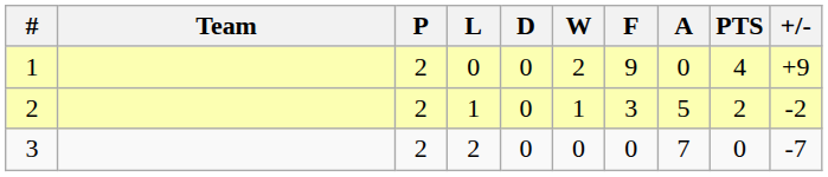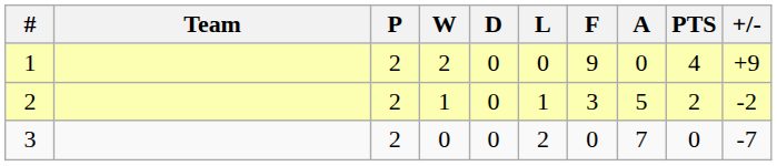 <table class="wikitable" border="1">
 <tr>
 <th width="25">#</th>
 <th width="200">Team</th>
 <th width="25">P</th>
+<th width="25">W</th>
+<th width="25">D</th>
 <th width="25">L</th>
-<th width="25">D</th>
-<th width="25">W</th>
 <th width="25">F</th>
 <th width="25">A</th>
 <th width="25">PTS</th>
 <th width="25">+/-</th>
 </tr>
 <tr bgcolor="FCFFB2">
 <td align="center">1</td>
 <td></td>
 <td align="center">2</td>
+<td align="center">2</td>
 <td align="center">0</td>
 <td align="center">0</td>
-<td align="center">2</td>
 <td align="center">9</td>
 <td align="center">0</td>
 <td align="center">4</td>
 <td align="center">+9</td>
 </tr>
 <tr bgcolor="FCFFB2">
 <td align="center">2</td>
 <td></td>
 <td align="center">2</td>
 <td align="center">1</td>
 <td align="center">0</td>
 <td align="center">1</td>
 <td align="center">3</td>
 <td align="center">5</td>
 <td align="center">2</td>
 <td align="center">-2</td>
 </tr>
 <tr>
 <td align="center">3</td>
 <td></td>
 <td align="center">2</td>
-<td align="center">2</td>
 <td align="center">0</td>
 <td align="center">0</td>
+<td align="center">2</td>
 <td align="center">0</td>
 <td align="center">7</td>
 <td align="center">0</td>
 <td align="center">-7</td>
 </tr>
 </table>
